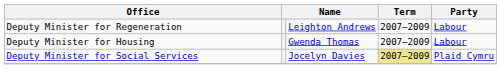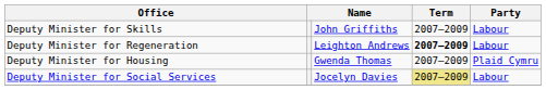 <table class="wikitable">
 <tr>
 <th style="width: 390px">Office</th>
 <th colspan="2">Name</th>
 <th>Term</th>
 <th>Party</th>
 </tr>
 <tr>
+<td>Deputy Minister for Skills</td>
+<th style="background-color: "></th>
+<td><a href='#'>John Griffiths</a></td>
+<td>2007–2009</td>
+<td><a href='#'>Labour</a></td>
+</tr>
+<tr>
 <td>Deputy Minister for Regeneration</td>
 <th style="background-color: "></th>
 <td><a href='#'>Leighton Andrews</a></td>
-<td>2007–2009</td>
+<td><strong>2007–2009</strong></td>
 <td><a href='#'>Labour</a></td>
 </tr>
 <tr>
 <td>Deputy Minister for Housing</td>
 <th style="background-color: "></th>
 <td><a href='#'>Gwenda Thomas</a></td>
 <td>2007–2009</td>
-<td><a href='#'>Labour</a></td>
+<td><a href='#'>Plaid Cymru</a></td>
 </tr>
 <tr>
 <td><a href='#'>Deputy Minister for Social Services</a></td>
 <th style="background-color: "></th>
 <td><a href='#'>Jocelyn Davies</a></td>
 <td style="background: khaki;">2007–2009</td>
-<td><a href='#'>Plaid Cymru</a></td>
+<td><a href='#'>Labour</a></td>
 </tr>
 <tr>
 </tr>
 </table>
